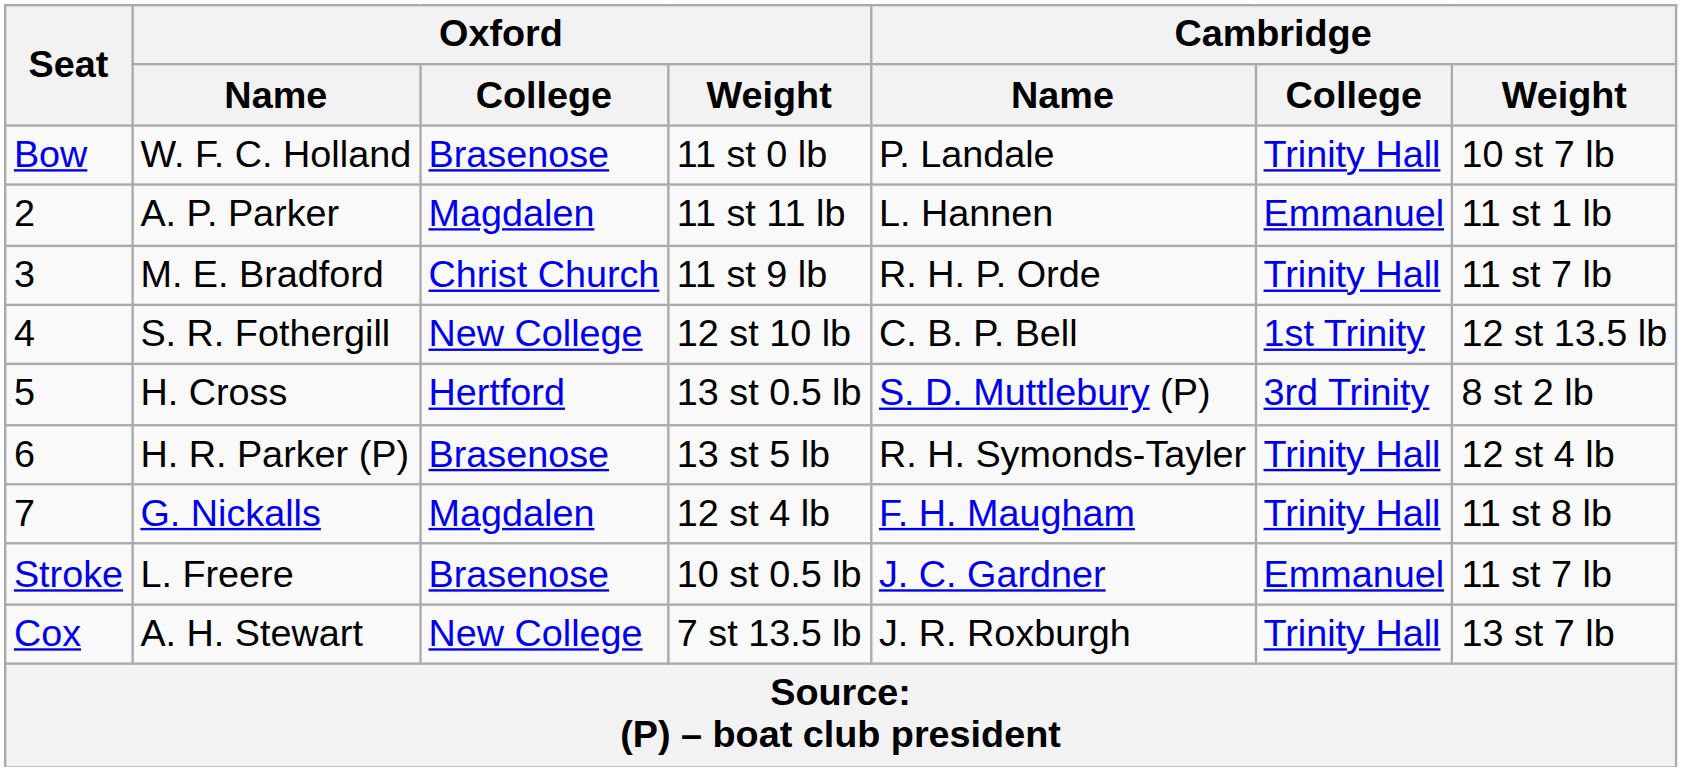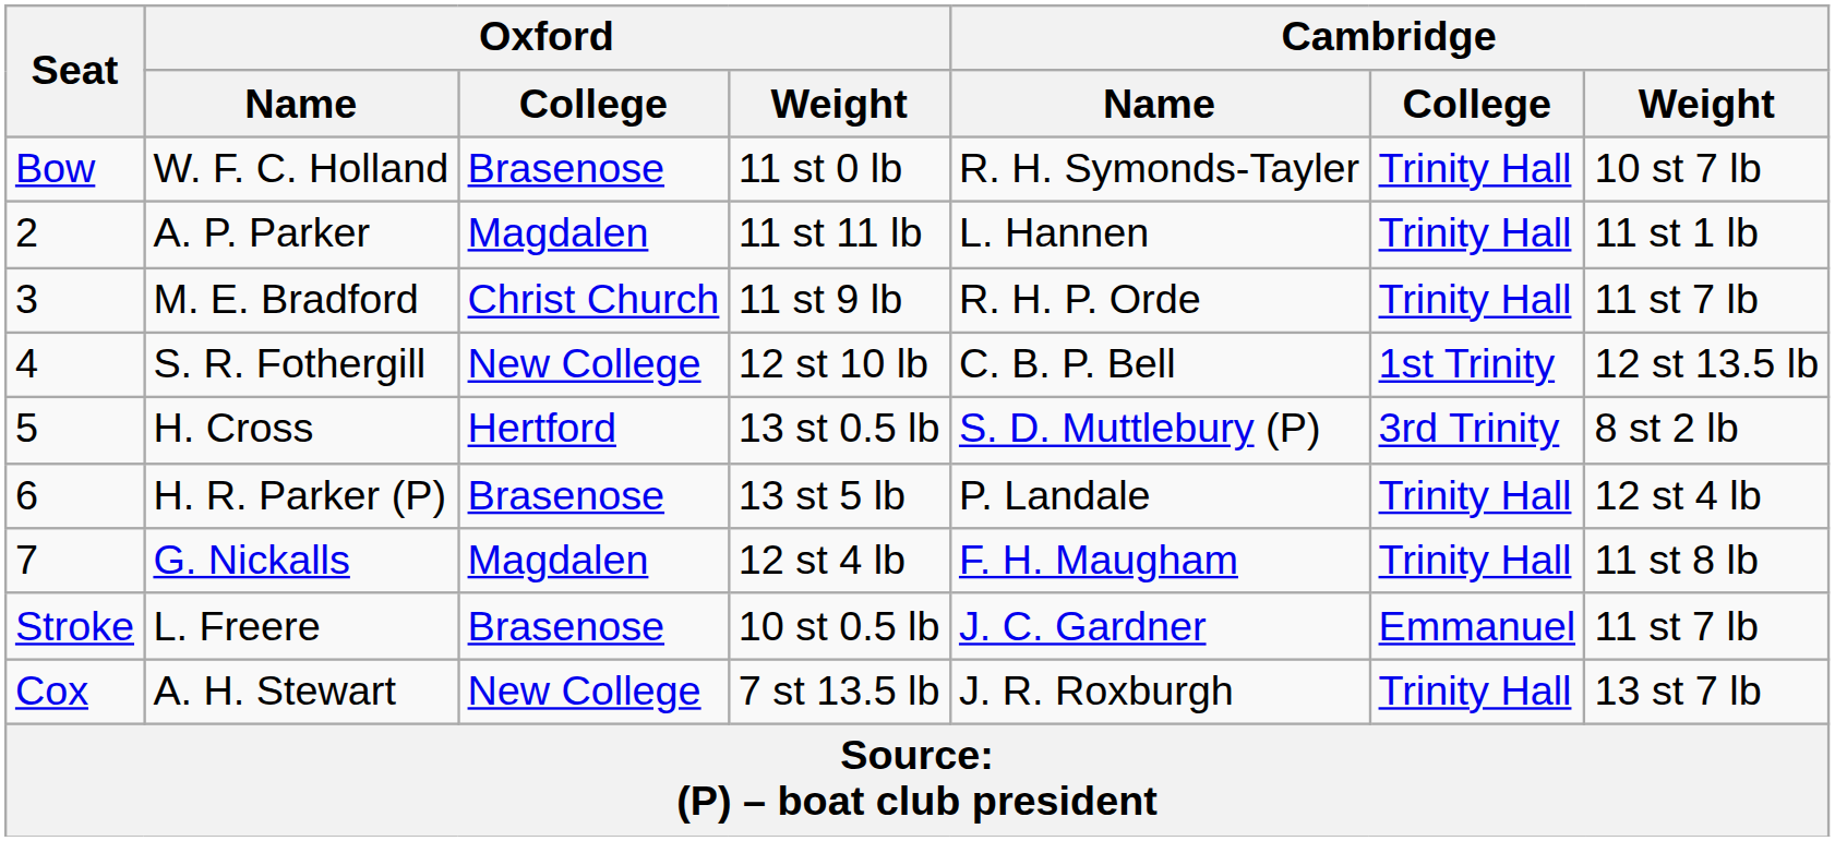 <table class="wikitable">
 <tr>
 <th rowspan="2" scope="col">Seat</th>
 <th colspan="3" scope="col">Oxford <br> </th>
 <th colspan="3" scope="col">Cambridge <br> </th>
 </tr>
 <tr>
 <th>Name</th>
 <th>College</th>
 <th>Weight</th>
 <th>Name</th>
 <th>College</th>
 <th>Weight</th>
 </tr>
 <tr>
 <td><a href='#'>Bow</a></td>
 <td>W. F. C. Holland</td>
 <td><a href='#'>Brasenose</a></td>
 <td>11 st 0 lb</td>
-<td>P. Landale</td>
+<td>R. H. Symonds-Tayler</td>
 <td><a href='#'>Trinity Hall</a></td>
 <td>10 st 7 lb</td>
 </tr>
 <tr>
 <td>2</td>
 <td>A. P. Parker</td>
 <td><a href='#'>Magdalen</a></td>
 <td>11 st 11 lb</td>
 <td>L. Hannen</td>
-<td><a href='#'>Emmanuel</a></td>
+<td><a href='#'>Trinity Hall</a></td>
 <td>11 st 1 lb</td>
 </tr>
 <tr>
 <td>3</td>
 <td>M. E. Bradford</td>
 <td><a href='#'>Christ Church</a></td>
 <td>11 st 9 lb</td>
 <td>R. H. P. Orde</td>
 <td><a href='#'>Trinity Hall</a></td>
 <td>11 st 7 lb</td>
 </tr>
 <tr>
 <td>4</td>
 <td>S. R. Fothergill</td>
 <td><a href='#'>New College</a></td>
 <td>12 st 10 lb</td>
 <td>C. B. P. Bell</td>
 <td><a href='#'>1st Trinity</a></td>
 <td>12 st 13.5 lb</td>
 </tr>
 <tr>
 <td>5</td>
 <td>H. Cross</td>
 <td><a href='#'>Hertford</a></td>
 <td>13 st 0.5 lb</td>
 <td><a href='#'>S. D. Muttlebury</a> (P)</td>
 <td><a href='#'>3rd Trinity</a></td>
 <td>8 st 2 lb</td>
 </tr>
 <tr>
 <td>6</td>
 <td>H. R. Parker (P)</td>
 <td><a href='#'>Brasenose</a></td>
 <td>13 st 5 lb</td>
-<td>R. H. Symonds-Tayler</td>
+<td>P. Landale</td>
 <td><a href='#'>Trinity Hall</a></td>
 <td>12 st 4 lb</td>
 </tr>
 <tr>
 <td>7</td>
 <td><a href='#'>G. Nickalls</a></td>
 <td><a href='#'>Magdalen</a></td>
 <td>12 st 4 lb</td>
 <td><a href='#'>F. H. Maugham</a></td>
 <td><a href='#'>Trinity Hall</a></td>
 <td>11 st 8 lb</td>
 </tr>
 <tr>
 <td><a href='#'>Stroke</a></td>
 <td>L. Freere</td>
 <td><a href='#'>Brasenose</a></td>
 <td>10 st 0.5 lb</td>
 <td><a href='#'>J. C. Gardner</a></td>
 <td><a href='#'>Emmanuel</a></td>
 <td>11 st 7 lb</td>
 </tr>
 <tr>
 <td><a href='#'>Cox</a></td>
 <td>A. H. Stewart</td>
 <td><a href='#'>New College</a></td>
 <td>7 st 13.5 lb</td>
 <td>J. R. Roxburgh</td>
 <td><a href='#'>Trinity Hall</a></td>
 <td>13 st 7 lb</td>
 </tr>
 <tr>
 <th colspan="7">Source:<br>(P) – boat club president</th>
 </tr>
 </table>
